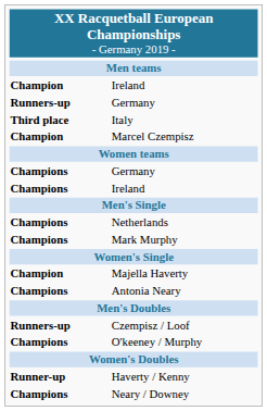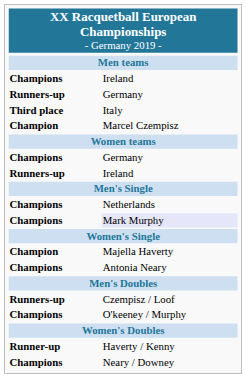 <table class="infobox" style="font-size: 90%; width: 22em;">
 <tr>
 <td colspan="2" style="background: #227799; text-align: center; color:#ffffff;"><big><strong>XX Racquetball European Championships</strong></big><br>- Germany 2019 -</td>
 </tr>
 <tr style="vertical-align:top;">
 </tr>
 <tr style="vertical-align:top;">
 <td colspan="2" style="background: #cedff2; text-align: center; color:#227799;"><strong>Men teams</strong></td>
 </tr>
 <tr style="vertical-align:top;">
-<td><strong>Champion</strong> </td>
+<td><strong>Champions</strong> </td>
 <td> Ireland</td>
 </tr>
 <tr>
 <td><strong>Runners-up</strong> </td>
 <td> Germany</td>
 </tr>
 <tr>
 <td><strong>Third place</strong> </td>
 <td> Italy</td>
 </tr>
 <tr>
 <td><strong>Champion</strong> </td>
 <td> Marcel Czempisz</td>
 </tr>
 <tr style="vertical-align:top;">
 <td colspan="2" style="background: #cedff2; text-align: center; color:#227799;"><strong>Women teams</strong></td>
 </tr>
 <tr style="vertical-align:top;">
 <td><strong>Champions</strong> </td>
 <td> Germany</td>
 </tr>
 <tr>
-<td><strong>Champions</strong> </td>
+<td><strong>Runners-up</strong> </td>
 <td> Ireland</td>
 </tr>
 <tr style="vertical-align:top;">
 <td colspan="2" style="background: #cedff2; text-align: center; color:#227799;"><strong>Men's Single</strong></td>
 </tr>
 <tr style="vertical-align:top;">
 <td><strong>Champions</strong> </td>
 <td> Netherlands</td>
 </tr>
 <tr>
 <td><strong>Champions</strong> </td>
-<td> Mark Murphy</td>
+<td style="background: lavender;"> Mark Murphy</td>
 </tr>
 <tr style="vertical-align:top;">
 <td colspan="2" style="background: #cedff2; text-align: center; color:#227799;"><strong>Women's Single</strong></td>
 </tr>
 <tr style="vertical-align:top;">
 <td><strong>Champion</strong> </td>
 <td> Majella Haverty</td>
 </tr>
 <tr>
 <td><strong>Champions</strong> </td>
 <td> Antonia Neary</td>
 </tr>
 <tr style="vertical-align:top;">
 <td colspan="2" style="background: #cedff2; text-align: center; color:#227799;"><strong>Men's Doubles</strong></td>
 </tr>
 <tr style="vertical-align:top;">
 <td><strong>Runners-up</strong> </td>
 <td> Czempisz / Loof</td>
 </tr>
 <tr>
 <td><strong>Champions</strong> </td>
 <td> O'keeney / Murphy</td>
 </tr>
 <tr style="vertical-align:top;">
 <td colspan="2" style="background: #cedff2; text-align: center; color:#227799;"><strong>Women's Doubles</strong></td>
 </tr>
 <tr style="vertical-align:top;">
 <td><strong>Runner-up</strong> </td>
 <td> Haverty / Kenny</td>
 </tr>
 <tr>
 <td><strong>Champions</strong> </td>
 <td> Neary / Downey</td>
 </tr>
 </table>
